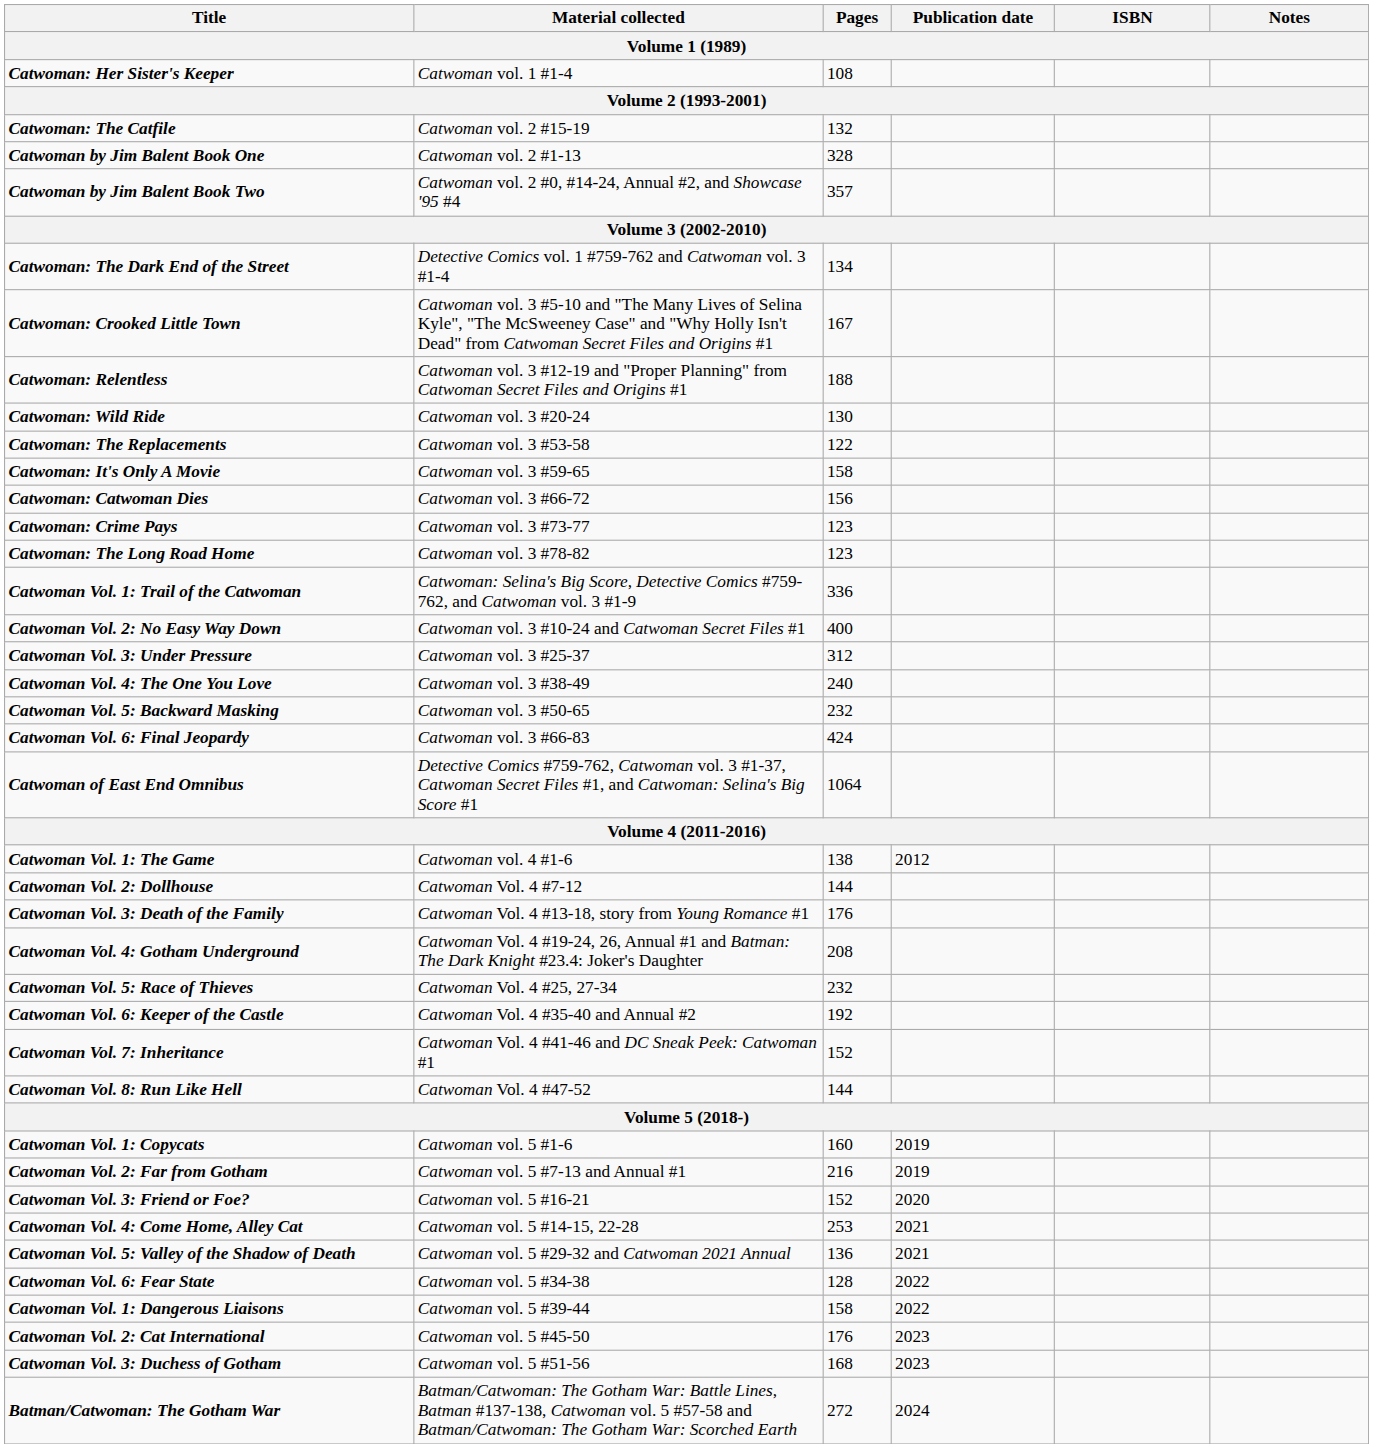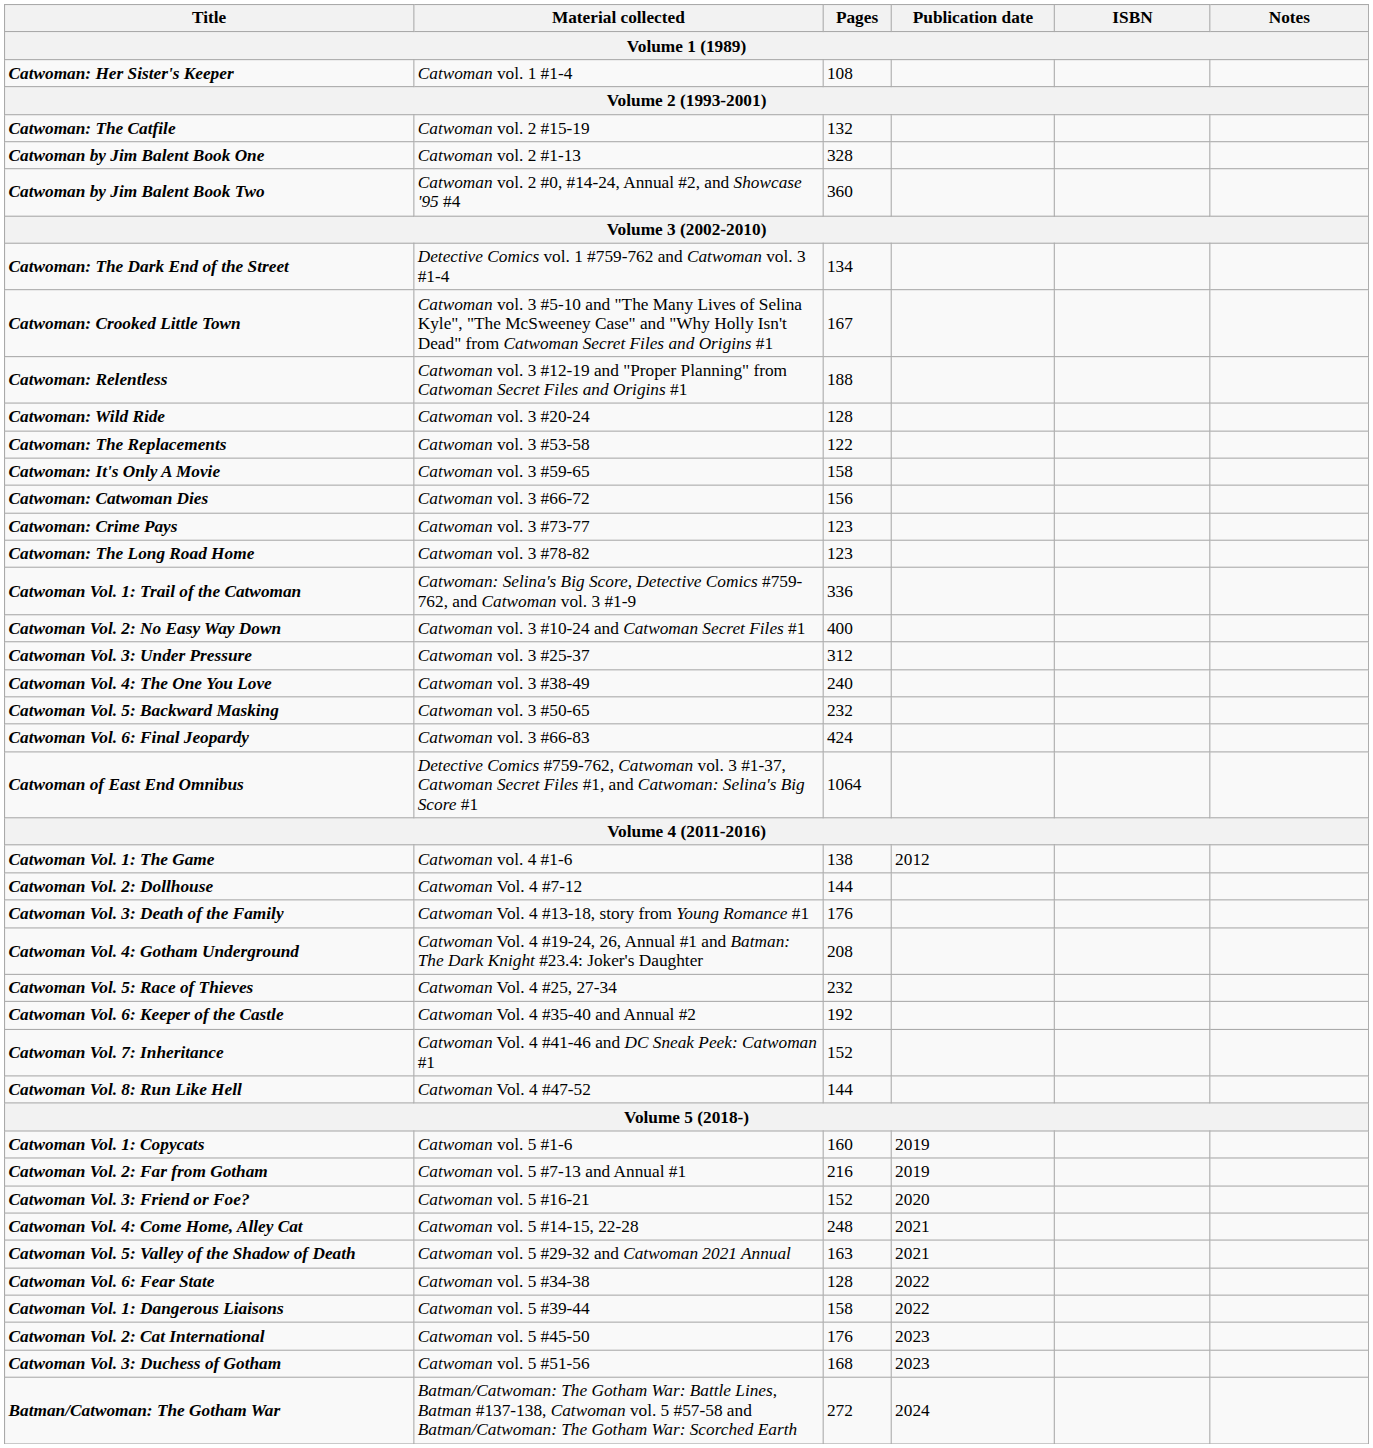 <table class="wikitable" width="100%">
 <tr>
 <th style="width:30%;">Title</th>
 <th style="width:30%;">Material collected</th>
 <th style="width:5%;">Pages</th>
 <th style="width:12%;">Publication date</th>
 <th>ISBN</th>
 <th>Notes</th>
 </tr>
 <tr>
 <th colspan="6">Volume 1 (1989)</th>
 </tr>
 <tr>
 <td><strong><em>Catwoman: Her Sister's Keeper</em></strong></td>
 <td><em>Catwoman</em> vol. 1 #1-4</td>
 <td>108</td>
 <td></td>
 <td></td>
 <td></td>
 </tr>
 <tr>
 <th colspan="6">Volume 2 (1993-2001)</th>
 </tr>
 <tr>
 <td><strong><em>Catwoman: The Catfile</em></strong></td>
 <td><em>Catwoman</em> vol. 2 #15-19</td>
 <td>132</td>
 <td></td>
 <td></td>
 <td></td>
 </tr>
 <tr>
 <td><strong><em>Catwoman by Jim Balent Book One</em></strong></td>
 <td><em>Catwoman</em> vol. 2 #1-13</td>
 <td>328</td>
 <td></td>
 <td></td>
 <td></td>
 </tr>
 <tr>
 <td><strong><em>Catwoman by Jim Balent Book Two</em></strong></td>
 <td><em>Catwoman</em> vol. 2 #0, #14-24, Annual #2, and <em>Showcase '95</em> #4</td>
-<td>357</td>
+<td>360</td>
 <td></td>
 <td></td>
 <td></td>
 </tr>
 <tr>
 <th colspan="6">Volume 3 (2002-2010)</th>
 </tr>
 <tr>
 <td><strong><em>Catwoman: The Dark End of the Street</em></strong></td>
 <td><em>Detective Comics</em> vol. 1 #759-762 and <em>Catwoman</em> vol. 3 #1-4</td>
 <td>134</td>
 <td></td>
 <td></td>
 <td></td>
 </tr>
 <tr>
 <td><strong><em>Catwoman: Crooked Little Town</em></strong></td>
 <td><em>Catwoman</em> vol. 3 #5-10 and "The Many Lives of Selina Kyle", "The McSweeney Case" and "Why Holly Isn't Dead" from <em>Catwoman Secret Files and Origins</em> #1</td>
 <td>167</td>
 <td></td>
 <td></td>
 <td></td>
 </tr>
 <tr>
 <td><strong><em>Catwoman: Relentless</em></strong></td>
 <td><em>Catwoman</em> vol. 3 #12-19 and "Proper Planning" from <em>Catwoman Secret Files and Origins</em> #1</td>
 <td>188</td>
 <td></td>
 <td></td>
 <td></td>
 </tr>
 <tr>
 <td><strong><em>Catwoman: Wild Ride</em></strong></td>
 <td><em>Catwoman</em> vol. 3 #20-24</td>
-<td>130</td>
+<td>128</td>
 <td></td>
 <td></td>
 <td></td>
 </tr>
 <tr>
 <td><strong><em>Catwoman: The Replacements</em></strong></td>
 <td><em>Catwoman</em> vol. 3 #53-58</td>
 <td>122</td>
 <td></td>
 <td></td>
 <td></td>
 </tr>
 <tr>
 <td><strong><em>Catwoman: It's Only A Movie</em></strong></td>
 <td><em>Catwoman</em> vol. 3 #59-65</td>
 <td>158</td>
 <td></td>
 <td></td>
 <td></td>
 </tr>
 <tr>
 <td><strong><em>Catwoman: Catwoman Dies</em></strong></td>
 <td><em>Catwoman</em> vol. 3 #66-72</td>
 <td>156</td>
 <td></td>
 <td></td>
 <td></td>
 </tr>
 <tr>
 <td><strong><em>Catwoman: Crime Pays</em></strong></td>
 <td><em>Catwoman</em> vol. 3 #73-77</td>
 <td>123</td>
 <td></td>
 <td></td>
 <td></td>
 </tr>
 <tr>
 <td><strong><em>Catwoman: The Long Road Home</em></strong></td>
 <td><em>Catwoman</em> vol. 3 #78-82</td>
 <td>123</td>
 <td></td>
 <td></td>
 <td></td>
 </tr>
 <tr>
 <td><strong><em>Catwoman Vol. 1: Trail of the Catwoman</em></strong></td>
 <td><em>Catwoman: Selina's Big Score</em>, <em>Detective Comics</em> #759-762, and <em>Catwoman</em> vol. 3 #1-9</td>
 <td>336</td>
 <td></td>
 <td></td>
 <td></td>
 </tr>
 <tr>
 <td><strong><em>Catwoman Vol. 2: No Easy Way Down</em></strong></td>
 <td><em>Catwoman</em> vol. 3 #10-24 and <em>Catwoman Secret Files</em> #1</td>
 <td>400</td>
 <td></td>
 <td></td>
 <td></td>
 </tr>
 <tr>
 <td><strong><em>Catwoman Vol. 3: Under Pressure</em></strong></td>
 <td><em>Catwoman</em> vol. 3 #25-37</td>
 <td>312</td>
 <td></td>
 <td></td>
 <td></td>
 </tr>
 <tr>
 <td><strong><em>Catwoman Vol. 4: The One You Love</em></strong></td>
 <td><em>Catwoman</em> vol. 3 #38-49</td>
 <td>240</td>
 <td></td>
 <td></td>
 <td></td>
 </tr>
 <tr>
 <td><strong><em>Catwoman Vol. 5: Backward Masking</em></strong></td>
 <td><em>Catwoman</em> vol. 3 #50-65</td>
 <td>232</td>
 <td></td>
 <td></td>
 <td></td>
 </tr>
 <tr>
 <td><strong><em>Catwoman Vol. 6: Final Jeopardy</em></strong></td>
 <td><em>Catwoman</em> vol. 3 #66-83</td>
 <td>424</td>
 <td></td>
 <td></td>
 <td></td>
 </tr>
 <tr>
 <td><strong><em>Catwoman of East End Omnibus</em></strong></td>
 <td><em>Detective Comics</em> #759-762, <em>Catwoman</em> vol. 3 #1-37, <em>Catwoman Secret Files</em> #1, and <em>Catwoman: Selina's Big Score</em> #1</td>
 <td>1064</td>
 <td></td>
 <td></td>
 <td></td>
 </tr>
 <tr>
 <th colspan="6">Volume 4 (2011-2016)</th>
 </tr>
 <tr>
 <td><strong><em>Catwoman Vol. 1: The Game</em></strong></td>
 <td><em>Catwoman</em> vol. 4 #1-6</td>
 <td>138</td>
 <td>2012</td>
 <td></td>
 <td></td>
 </tr>
 <tr>
 <td><strong><em>Catwoman Vol. 2: Dollhouse</em></strong></td>
 <td><em>Catwoman</em> Vol. 4 #7-12</td>
 <td>144</td>
 <td></td>
 <td></td>
 <td></td>
 </tr>
 <tr>
 <td><strong><em>Catwoman Vol. 3: Death of the Family</em></strong></td>
 <td><em>Catwoman</em> Vol. 4 #13-18, story from <em>Young Romance</em> #1</td>
 <td>176</td>
 <td></td>
 <td></td>
 <td></td>
 </tr>
 <tr>
 <td><strong><em>Catwoman Vol. 4: Gotham Underground</em></strong></td>
 <td><em>Catwoman</em> Vol. 4 #19-24, 26, Annual #1 and <em>Batman: The Dark Knight</em> #23.4: Joker's Daughter</td>
 <td>208</td>
 <td></td>
 <td></td>
 <td></td>
 </tr>
 <tr>
 <td><strong><em>Catwoman Vol. 5: Race of Thieves</em></strong></td>
 <td><em>Catwoman</em> Vol. 4 #25, 27-34</td>
 <td>232</td>
 <td></td>
 <td></td>
 <td></td>
 </tr>
 <tr>
 <td><strong><em>Catwoman Vol. 6: Keeper of the Castle</em></strong></td>
 <td><em>Catwoman</em> Vol. 4 #35-40 and Annual #2</td>
 <td>192</td>
 <td></td>
 <td></td>
 <td></td>
 </tr>
 <tr>
 <td><strong><em>Catwoman Vol. 7: Inheritance</em></strong></td>
 <td><em>Catwoman</em> Vol. 4 #41-46 and <em>DC Sneak Peek: Catwoman</em> #1</td>
 <td>152</td>
 <td></td>
 <td></td>
 <td></td>
 </tr>
 <tr>
 <td><strong><em>Catwoman Vol. 8: Run Like Hell</em></strong></td>
 <td><em>Catwoman</em> Vol. 4 #47-52</td>
 <td>144</td>
 <td></td>
 <td></td>
 <td></td>
 </tr>
 <tr>
 <th colspan="6">Volume 5 (2018-)</th>
 </tr>
 <tr>
 <td><strong><em>Catwoman Vol. 1: Copycats</em></strong></td>
 <td><em>Catwoman</em> vol. 5 #1-6</td>
 <td>160</td>
 <td>2019</td>
 <td></td>
 <td></td>
 </tr>
 <tr>
 <td><strong><em>Catwoman Vol. 2: Far from Gotham</em></strong></td>
 <td><em>Catwoman</em> vol. 5 #7-13 and Annual #1</td>
 <td>216</td>
 <td>2019</td>
 <td></td>
 <td></td>
 </tr>
 <tr>
 <td><strong><em>Catwoman Vol. 3: Friend or Foe?</em></strong></td>
 <td><em>Catwoman</em> vol. 5 #16-21</td>
 <td>152</td>
 <td>2020</td>
 <td></td>
 <td></td>
 </tr>
 <tr>
 <td><strong><em>Catwoman Vol. 4: Come Home, Alley Cat</em></strong></td>
 <td><em>Catwoman</em> vol. 5 #14-15, 22-28</td>
-<td>253</td>
+<td>248</td>
 <td>2021</td>
 <td></td>
 <td></td>
 </tr>
 <tr>
 <td><strong><em>Catwoman Vol. 5: Valley of the Shadow of Death</em></strong></td>
 <td><em>Catwoman</em> vol. 5 #29-32 and <em>Catwoman 2021 Annual</em></td>
-<td>136</td>
+<td>163</td>
 <td>2021</td>
 <td></td>
 <td></td>
 </tr>
 <tr>
 <td><strong><em>Catwoman Vol. 6: Fear State</em></strong></td>
 <td><em>Catwoman</em> vol. 5 #34-38</td>
 <td>128</td>
 <td>2022</td>
 <td></td>
 <td></td>
 </tr>
 <tr>
 <td><strong><em>Catwoman Vol. 1: Dangerous Liaisons</em></strong></td>
 <td><em>Catwoman</em> vol. 5 #39-44</td>
 <td>158</td>
 <td>2022</td>
 <td></td>
 <td></td>
 </tr>
 <tr>
 <td><strong><em>Catwoman Vol. 2: Cat International</em></strong></td>
 <td><em>Catwoman</em> vol. 5 #45-50</td>
 <td>176</td>
 <td>2023</td>
 <td></td>
 <td></td>
 </tr>
 <tr>
 <td><strong><em>Catwoman Vol. 3: Duchess of Gotham</em></strong></td>
 <td><em>Catwoman</em> vol. 5 #51-56</td>
 <td>168</td>
 <td>2023</td>
 <td></td>
 <td></td>
 </tr>
 <tr>
 <td><strong><em>Batman/Catwoman: The Gotham War</em></strong></td>
 <td><em>Batman/Catwoman: The Gotham War: Battle Lines</em>, <em>Batman</em> #137-138, <em>Catwoman</em> vol. 5 #57-58 and <em>Batman/Catwoman: The Gotham War: Scorched Earth</td>
 <td>272</td>
 <td>2024</td>
 <td></td>
 <td></td>
 </tr>
 <tr>
 </tr>
 </table>
